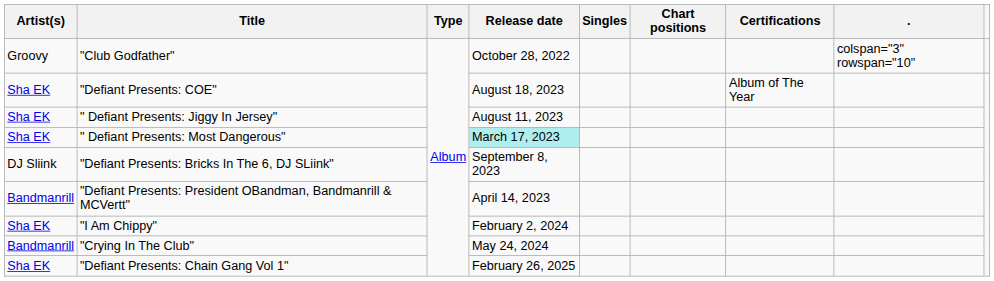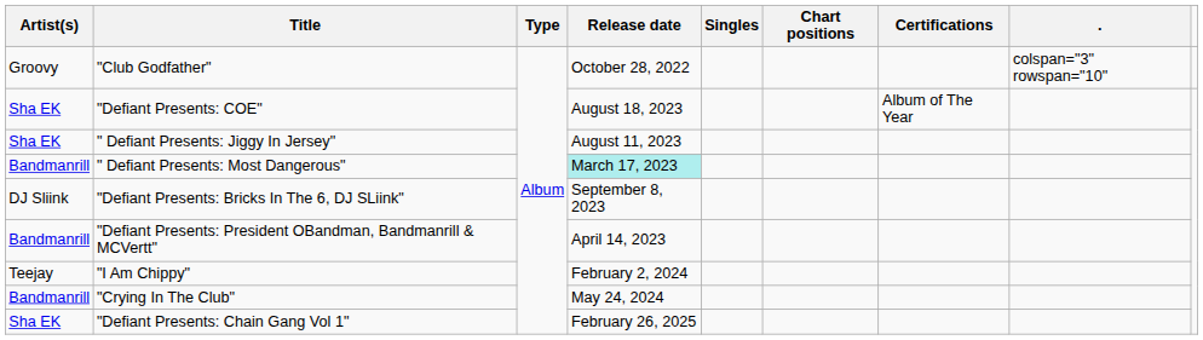 <table class="wikitable">
 <tr>
 <th>Artist(s)</th>
 <th>Title</th>
 <th>Type</th>
 <th>Release date</th>
 <th>Singles</th>
 <th>Chart positions</th>
 <th>Certifications</th>
 <th>.</th>
 </tr>
 <tr>
 <td>Groovy</td>
 <td>"Club Godfather"</td>
 <td rowspan="10"><a href='#'>Album</a></td>
 <td rowspan="1">October 28, 2022</td>
 <td rowspan="1"></td>
 <td rowspan="1"></td>
 <td rowspan="1"></td>
 <td>colspan="3" rowspan="10" </td>
 <td></td>
 </tr>
 <tr>
 <td><a href='#'>Sha EK</a></td>
 <td>"Defiant Presents: COE"</td>
 <td>August 18, 2023</td>
 <td></td>
 <td></td>
 <td>Album of The Year</td>
 <td></td>
 </tr>
 <tr>
 <td><a href='#'>Sha EK</a></td>
 <td>" Defiant Presents: Jiggy In Jersey"</td>
 <td>August 11, 2023</td>
 <td></td>
 <td></td>
 <td></td>
 <td></td>
 </tr>
 <tr>
-<td><a href='#'>Sha EK</a></td>
+<td><a href='#'>Bandmanrill</a></td>
 <td>" Defiant Presents: Most Dangerous"</td>
 <td style="background: paleturquoise;">March 17, 2023</td>
 <td></td>
 <td></td>
 <td></td>
 <td></td>
 </tr>
 <tr>
 <td>DJ Sliink</td>
 <td>"Defiant Presents: Bricks In The 6, DJ SLiink"</td>
 <td>September 8, 2023</td>
 <td></td>
 <td></td>
 <td></td>
 <td></td>
 </tr>
 <tr>
 <td><a href='#'>Bandmanrill</a></td>
 <td>"Defiant Presents: President OBandman, Bandmanrill & MCVertt"</td>
 <td>April 14, 2023</td>
 <td></td>
 <td></td>
 <td></td>
 <td></td>
 </tr>
 <tr>
-<td><a href='#'>Sha EK</a></td>
+<td>Teejay</td>
 <td>"I Am Chippy"</td>
 <td>February 2, 2024</td>
 <td></td>
 <td></td>
 <td></td>
 <td></td>
 </tr>
 <tr>
 <td><a href='#'>Bandmanrill</a></td>
 <td>"Crying In The Club"</td>
 <td>May 24, 2024</td>
 <td></td>
 <td></td>
 <td></td>
 <td></td>
 </tr>
 <tr>
 <td><a href='#'>Sha EK</a></td>
 <td>"Defiant Presents: Chain Gang Vol 1"</td>
 <td>February 26, 2025</td>
 <td></td>
 <td></td>
 <td></td>
 <td></td>
 </tr>
 </table>
